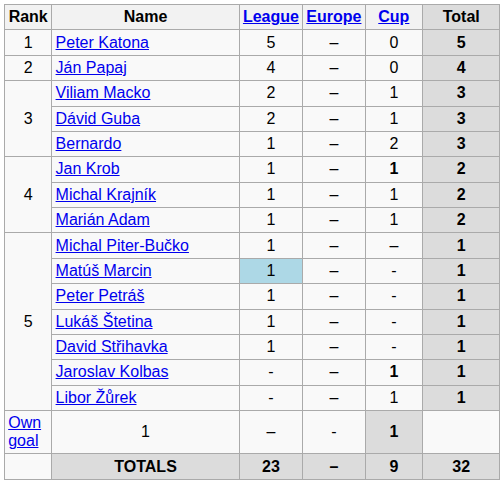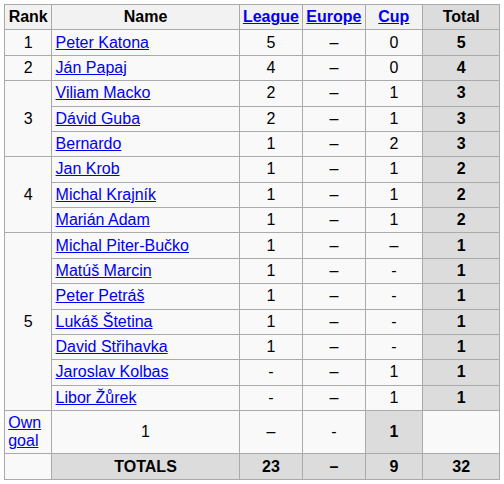 <table class="wikitable" style="text-align: center;">
 <tr>
 <th width=40>Rank</th>
 <th width=180>Name</th>
 <th width=50><a href='#'>League</a></th>
 <th width=50><a href='#'>Europe</a></th>
 <th width=50><a href='#'>Cup</a></th>
 <th width=70 style="background: #DCDCDC">Total</th>
 </tr>
 <tr>
 <td rowspan=1>1</td>
 <td style="text-align:left;"> <a href='#'>Peter Katona</a></td>
 <td>5</td>
 <td>–</td>
 <td>0</td>
 <th style="background: #DCDCDC"><strong>5</strong></th>
 </tr>
 <tr>
 <td rowspan=1>2</td>
 <td style="text-align:left;"> <a href='#'>Ján Papaj</a></td>
 <td>4</td>
 <td>–</td>
 <td>0</td>
 <th style="background: #DCDCDC"><strong>4</strong></th>
 </tr>
 <tr>
 <td rowspan=3>3</td>
 <td style="text-align:left;"> <a href='#'>Viliam Macko</a></td>
 <td>2</td>
 <td>–</td>
 <td>1</td>
 <th style="background: #DCDCDC"><strong>3</strong></th>
 </tr>
 <tr>
 <td style="text-align:left;"> <a href='#'>Dávid Guba</a></td>
 <td>2</td>
 <td>–</td>
 <td>1</td>
 <th style="background: #DCDCDC"><strong>3</strong></th>
 </tr>
 <tr>
 <td style="text-align:left;"> <a href='#'>Bernardo</a></td>
 <td>1</td>
 <td>–</td>
 <td>2</td>
 <th style="background: #DCDCDC"><strong>3</strong></th>
 </tr>
 <tr>
 <td rowspan=3>4</td>
 <td style="text-align:left;"> <a href='#'>Jan Krob</a></td>
 <td>1</td>
 <td>–</td>
-<td><strong>1</strong></td>
+<td>1</td>
 <th style="background: #DCDCDC"><strong>2</strong></th>
 </tr>
 <tr>
 <td style="text-align:left;"> <a href='#'>Michal Krajník</a></td>
 <td>1</td>
 <td>–</td>
 <td>1</td>
 <th style="background: #DCDCDC"><strong>2</strong></th>
 </tr>
 <tr>
 <td style="text-align:left;"> <a href='#'>Marián Adam</a></td>
 <td>1</td>
 <td>–</td>
 <td>1</td>
 <th style="background: #DCDCDC"><strong>2</strong></th>
 </tr>
 <tr>
 <td rowspan=8>5</td>
 <td style="text-align:left;"> <a href='#'>Michal Piter-Bučko</a></td>
 <td>1</td>
 <td>–</td>
 <td>–</td>
 <th style="background: #DCDCDC"><strong>1</strong></th>
 </tr>
 <tr>
 <td style="text-align:left;"> <a href='#'>Matúš Marcin</a></td>
-<td style="background: lightblue;">1</td>
+<td>1</td>
 <td>–</td>
 <td>-</td>
 <th style="background: #DCDCDC"><strong>1</strong></th>
 </tr>
 <tr>
 <td style="text-align:left;"> <a href='#'>Peter Petráš</a></td>
 <td>1</td>
 <td>–</td>
 <td>-</td>
 <th style="background: #DCDCDC"><strong>1</strong></th>
 </tr>
 <tr>
 <td style="text-align:left;"> <a href='#'>Lukáš Štetina</a></td>
 <td>1</td>
 <td>–</td>
 <td>-</td>
 <th style="background: #DCDCDC"><strong>1</strong></th>
 </tr>
 <tr>
 <td style="text-align:left;"> <a href='#'>David Střihavka</a></td>
 <td>1</td>
 <td>–</td>
 <td>-</td>
 <th style="background: #DCDCDC"><strong>1</strong></th>
 </tr>
 <tr>
 <td style="text-align:left;"> <a href='#'>Jaroslav Kolbas</a></td>
 <td>-</td>
 <td>–</td>
-<td><strong>1</strong></td>
+<td>1</td>
 <th style="background: #DCDCDC"><strong>1</strong></th>
 </tr>
 <tr>
 </tr>
 <tr>
 <td style="text-align:left;"> <a href='#'>Libor Žůrek</a></td>
 <td>-</td>
 <td>–</td>
 <td>1</td>
 <th style="background: #DCDCDC"><strong>1</strong></th>
 </tr>
 <tr>
 </tr>
 <tr>
 <td style="text-align:left;"><a href='#'>Own goal</a></td>
 <td>1</td>
 <td>–</td>
 <td>-</td>
 <th style="background: #DCDCDC"><strong>1</strong></th>
 </tr>
 <tr>
 <td></td>
 <th style="background: #DCDCDC"><strong>TOTALS</strong></th>
 <th style="background: #DCDCDC"><strong>23</strong></th>
 <th style="background: #DCDCDC"><strong>–</strong></th>
 <th style="background: #DCDCDC"><strong>9</strong></th>
 <th style="background: #DCDCDC"><strong>32</strong></th>
 </tr>
 </table>
